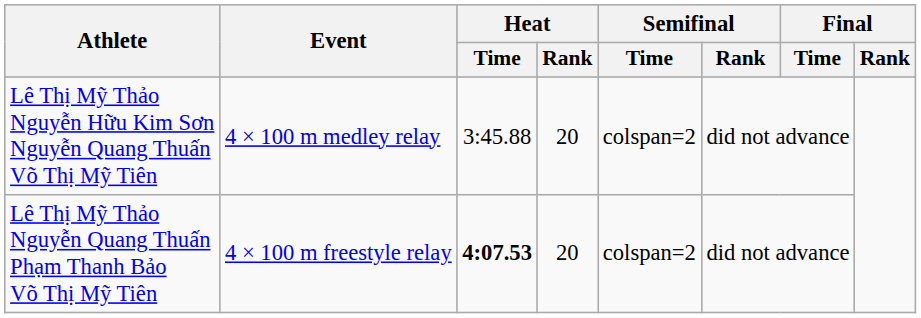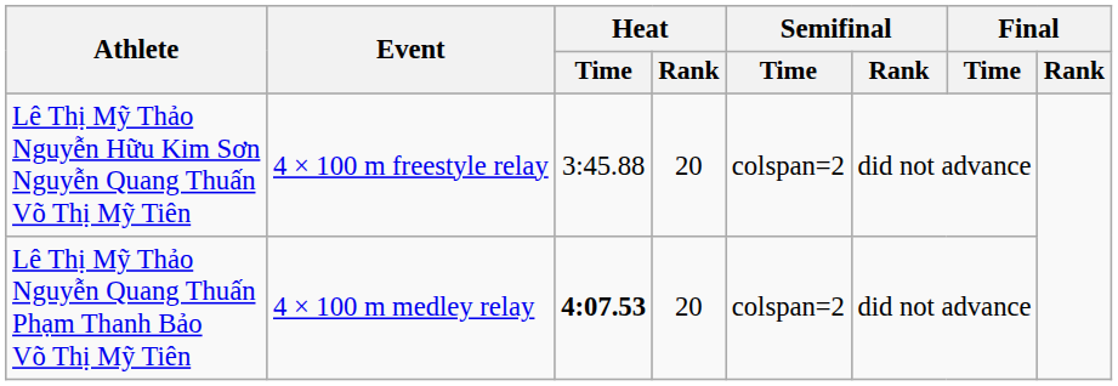 <table class="wikitable" style="text-align:center; font-size:90%">
 <tr>
 <th rowspan="2">Athlete</th>
 <th rowspan="2">Event</th>
 <th colspan="2">Heat</th>
 <th colspan="2">Semifinal</th>
 <th colspan="2">Final</th>
 </tr>
 <tr style="font-size:95%">
 <th>Time</th>
 <th>Rank</th>
 <th>Time</th>
 <th>Rank</th>
 <th>Time</th>
 <th>Rank</th>
 </tr>
 <tr>
 <td align=left><a href='#'>Lê Thị Mỹ Thảo</a><br><a href='#'>Nguyễn Hữu Kim Sơn</a><br><a href='#'>Nguyễn Quang Thuấn</a><br><a href='#'>Võ Thị Mỹ Tiên</a></td>
-<td align=left><a href='#'>4 × 100 m medley relay</a></td>
+<td align=left><a href='#'>4 × 100 m freestyle relay</a></td>
 <td>3:45.88</td>
 <td>20</td>
 <td>colspan=2 </td>
 <td colspan=2>did not advance</td>
 </tr>
 <tr>
 <td align=left><a href='#'>Lê Thị Mỹ Thảo</a><br><a href='#'>Nguyễn Quang Thuấn</a><br><a href='#'>Phạm Thanh Bảo</a><br><a href='#'>Võ Thị Mỹ Tiên</a></td>
-<td align=left><a href='#'>4 × 100 m freestyle relay</a></td>
+<td align=left><a href='#'>4 × 100 m medley relay</a></td>
 <td><strong>4:07.53</strong></td>
 <td>20</td>
 <td>colspan=2 </td>
 <td colspan=2>did not advance</td>
 </tr>
 </table>
